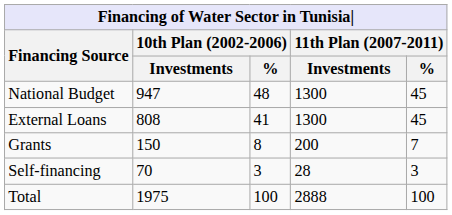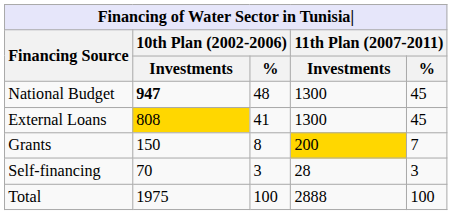 <table class="wikitable">
 <tr>
 <th style="background:#E6E6FA" colspan=8>Financing of Water Sector in Tunisia|</th>
 </tr>
 <tr>
 <th rowspan=2>Financing Source<br></th>
 <th colspan=2>10th Plan (2002-2006)<br></th>
 <th colspan=2>11th Plan (2007-2011)</th>
 </tr>
 <tr>
 <th>Investments</th>
 <th>%</th>
 <th>Investments</th>
 <th>%</th>
 </tr>
 <tr>
 <td>National Budget</td>
-<td>947</td>
+<td><strong>947</strong></td>
 <td>48</td>
 <td>1300</td>
 <td>45</td>
 </tr>
 <tr>
 <td>External Loans</td>
-<td>808</td>
+<td style="background: gold;">808</td>
 <td>41</td>
 <td>1300</td>
 <td>45</td>
 </tr>
 <tr>
 <td>Grants</td>
 <td>150</td>
 <td>8</td>
-<td>200</td>
+<td style="background: gold;">200</td>
 <td>7</td>
 </tr>
 <tr>
 <td>Self-financing</td>
 <td>70</td>
 <td>3</td>
 <td>28</td>
 <td>3</td>
 </tr>
 <tr>
 <td>Total</td>
 <td>1975</td>
 <td>100</td>
 <td>2888</td>
 <td>100</td>
 </tr>
 </table>
